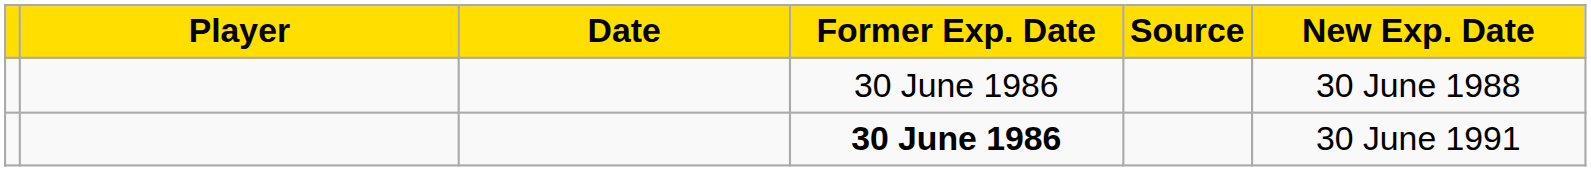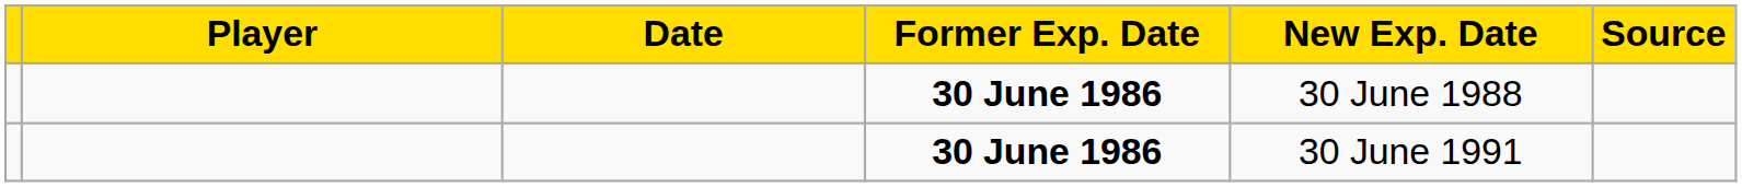 <table class="wikitable sortable">
 <tr>
 <th style="background:#FFDE00"></th>
 <th width=200 style="background:#FFDE00">Player</th>
 <th width=150 style="background:#FFDE00">Date</th>
 <th width=150 style="background:#FFDE00">Former Exp. Date</th>
+<th width=150 style="background:#FFDE00">New Exp. Date</th>
 <th style="background:#FFDE00">Source</th>
-<th width=150 style="background:#FFDE00">New Exp. Date</th>
-</tr>
-<tr>
-<td align=center></td>
-<td></td>
-<td align=center></td>
-<td align=center>30 June 1986</td>
-<td align=center></td>
-<td align=center>30 June 1988</td>
 </tr>
 <tr>
 <td align=center></td>
 <td></td>
 <td align=center></td>
 <td align=center><strong>30 June 1986</strong></td>
+<td align=center>30 June 1988</td>
 <td align=center></td>
+</tr>
+<tr>
+<td align=center></td>
+<td></td>
+<td align=center></td>
+<td align=center><strong>30 June 1986</strong></td>
 <td align=center>30 June 1991</td>
+<td align=center></td>
 </tr>
 </table>
